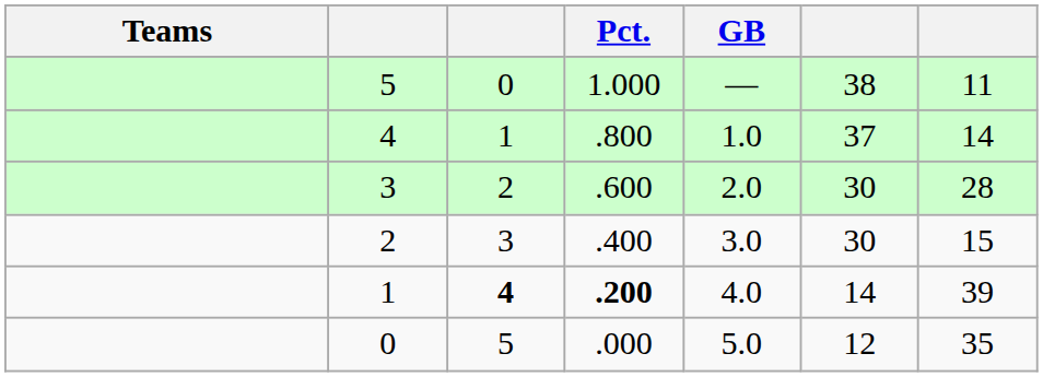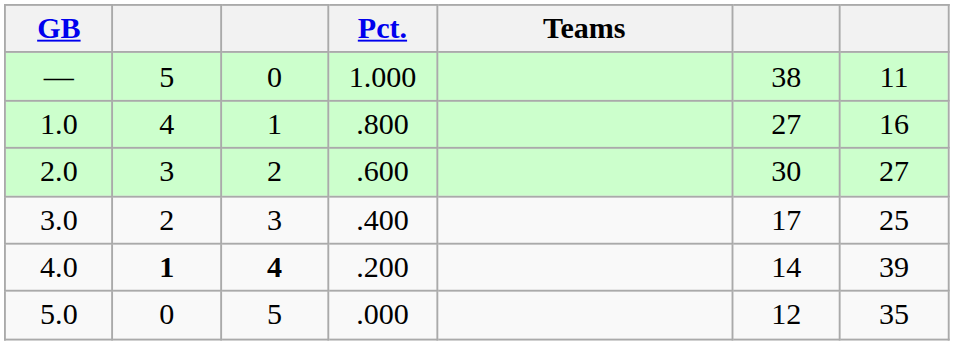 <table class="wikitable" style="text-align:center;">
 <tr>
-<th width=150px>Teams</th>
+<th width=50px><a href='#'>GB</a></th>
 <th width=50px></th>
 <th width=50px></th>
 <th width=50px><a href='#'>Pct.</a></th>
-<th width=50px><a href='#'>GB</a></th>
+<th width=150px>Teams</th>
 <th width=50px></th>
 <th width=50px></th>
 </tr>
 <tr style="background-color:#ccffcc">
-<td align=left></td>
+<td>—</td>
 <td>5</td>
 <td>0</td>
 <td>1.000</td>
-<td>—</td>
+<td align=left></td>
 <td>38</td>
 <td>11</td>
 </tr>
 <tr style="background-color:#ccffcc">
-<td align=left></td>
+<td>1.0</td>
 <td>4</td>
 <td>1</td>
 <td>.800</td>
-<td>1.0</td>
-<td>37</td>
-<td>14</td>
+<td align=left></td>
+<td>27</td>
+<td>16</td>
 </tr>
 <tr style="background-color:#ccffcc">
-<td align=left></td>
+<td>2.0</td>
 <td>3</td>
 <td>2</td>
 <td>.600</td>
-<td>2.0</td>
+<td align=left></td>
 <td>30</td>
-<td>28</td>
+<td>27</td>
 </tr>
 <tr style="background-color:">
-<td align=left></td>
+<td>3.0</td>
 <td>2</td>
 <td>3</td>
 <td>.400</td>
-<td>3.0</td>
-<td>30</td>
-<td>15</td>
+<td align=left></td>
+<td>17</td>
+<td>25</td>
 </tr>
 <tr style="background-color:">
+<td>4.0</td>
+<td><strong>1</strong></td>
+<td><strong>4</strong></td>
+<td>.200</td>
 <td align=left></td>
-<td>1</td>
-<td><strong>4</strong></td>
-<td><strong>.200</strong></td>
-<td>4.0</td>
 <td>14</td>
 <td>39</td>
 </tr>
 <tr style="background-color:">
-<td align=left></td>
+<td>5.0</td>
 <td>0</td>
 <td>5</td>
 <td>.000</td>
-<td>5.0</td>
+<td align=left></td>
 <td>12</td>
 <td>35</td>
 </tr>
 </table>
